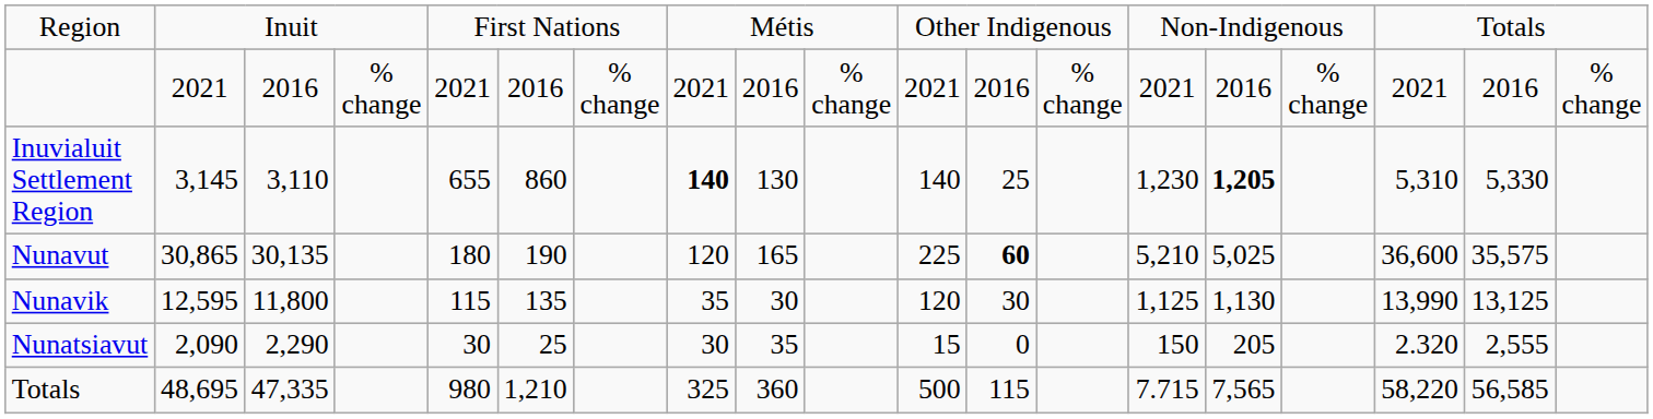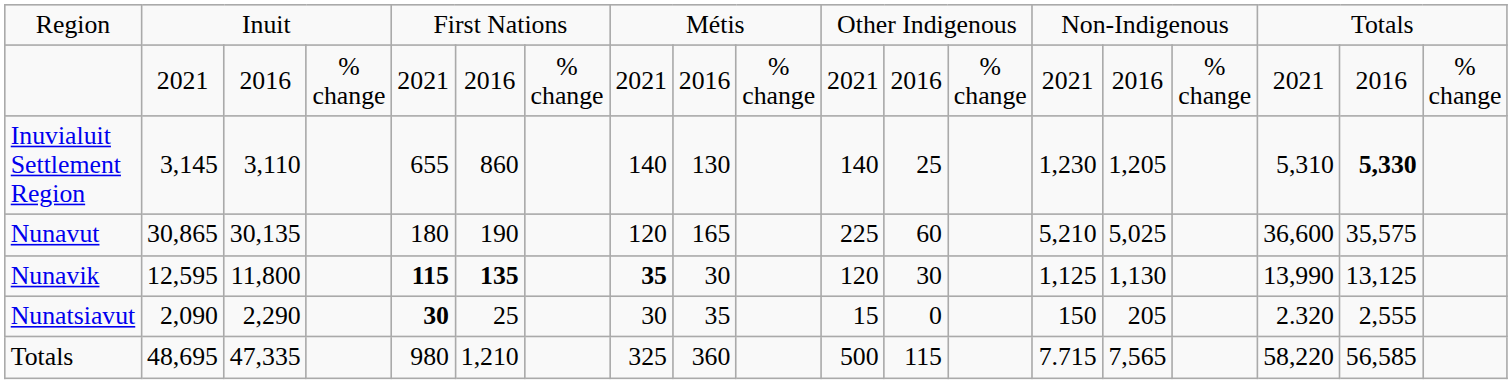 <table class=wikitable style=text-align:right>
 <tr>
 <td align="center">Region</td>
 <td colspan="3" align="center">Inuit</td>
 <td colspan="3" align="center">First Nations</td>
 <td colspan="3" align="center">Métis</td>
 <td colspan="3" align="center">Other Indigenous</td>
 <td colspan="3" align="center">Non-Indigenous</td>
 <td colspan="3" align="center">Totals</td>
 </tr>
 <tr>
 <td></td>
 <td align="center">2021</td>
 <td align="center">2016</td>
 <td align="center">% change</td>
 <td align="center">2021</td>
 <td align="center">2016</td>
 <td align="center">% change</td>
 <td align="center">2021</td>
 <td align="center">2016</td>
 <td align="center">% change</td>
 <td align="center">2021</td>
 <td align="center">2016</td>
 <td align="center">% change</td>
 <td align="center">2021</td>
 <td align="center">2016</td>
 <td align="center">% change</td>
 <td align="center">2021</td>
 <td align="center">2016</td>
 <td align="center">% change</td>
 </tr>
 <tr>
 <td align="left"><a href='#'>Inuvialuit Settlement Region</a></td>
 <td>3,145</td>
 <td>3,110</td>
 <td></td>
 <td>655</td>
 <td>860</td>
 <td></td>
-<td><strong>140</strong></td>
+<td>140</td>
 <td>130</td>
 <td></td>
 <td>140</td>
 <td>25</td>
 <td></td>
 <td>1,230</td>
-<td><strong>1,205</strong></td>
+<td>1,205</td>
 <td></td>
 <td>5,310</td>
-<td>5,330</td>
+<td><strong>5,330</strong></td>
 <td></td>
 </tr>
 <tr>
 <td align="left"><a href='#'>Nunavut</a></td>
 <td>30,865</td>
 <td>30,135</td>
 <td></td>
 <td>180</td>
 <td>190</td>
 <td></td>
 <td>120</td>
 <td>165</td>
 <td></td>
 <td>225</td>
-<td><strong>60</strong></td>
+<td>60</td>
 <td></td>
 <td>5,210</td>
 <td>5,025</td>
 <td></td>
 <td>36,600</td>
 <td>35,575</td>
 <td></td>
 </tr>
 <tr>
 <td align="left"><a href='#'>Nunavik</a></td>
 <td>12,595</td>
 <td>11,800</td>
 <td></td>
-<td>115</td>
-<td>135</td>
+<td><strong>115</strong></td>
+<td><strong>135</strong></td>
 <td></td>
-<td>35</td>
+<td><strong>35</strong></td>
 <td>30</td>
 <td></td>
 <td>120</td>
 <td>30</td>
 <td></td>
 <td>1,125</td>
 <td>1,130</td>
 <td></td>
 <td>13,990</td>
 <td>13,125</td>
 <td></td>
 </tr>
 <tr>
 <td align="left"><a href='#'>Nunatsiavut</a></td>
 <td>2,090</td>
 <td>2,290</td>
 <td></td>
-<td>30</td>
+<td><strong>30</strong></td>
 <td>25</td>
 <td></td>
 <td>30</td>
 <td>35</td>
 <td></td>
 <td>15</td>
 <td>0</td>
 <td></td>
 <td>150</td>
 <td>205</td>
 <td></td>
 <td>2.320</td>
 <td>2,555</td>
 <td></td>
 </tr>
 <tr>
 <td align="left">Totals</td>
 <td>48,695</td>
 <td>47,335</td>
 <td></td>
 <td>980</td>
 <td>1,210</td>
 <td></td>
 <td>325</td>
 <td>360</td>
 <td></td>
 <td>500</td>
 <td>115</td>
 <td></td>
 <td>7.715</td>
 <td>7,565</td>
 <td></td>
 <td>58,220</td>
 <td>56,585</td>
 <td></td>
 </tr>
 </table>
